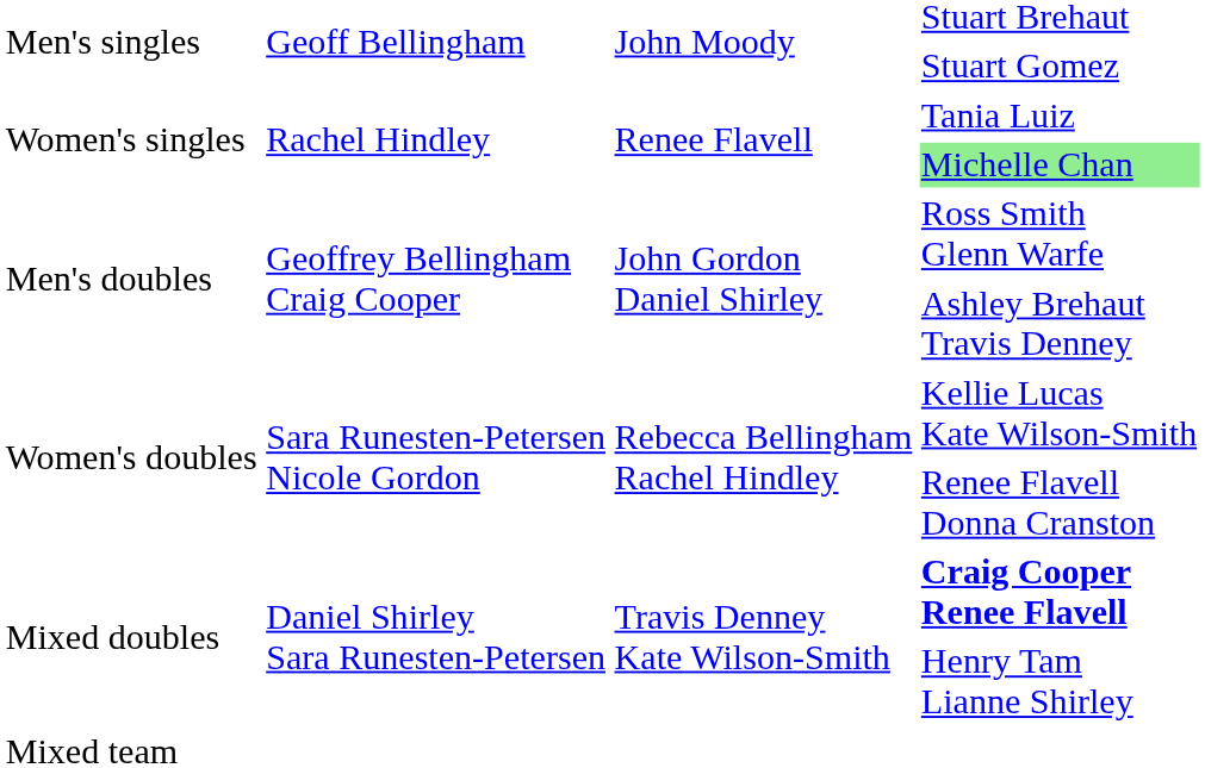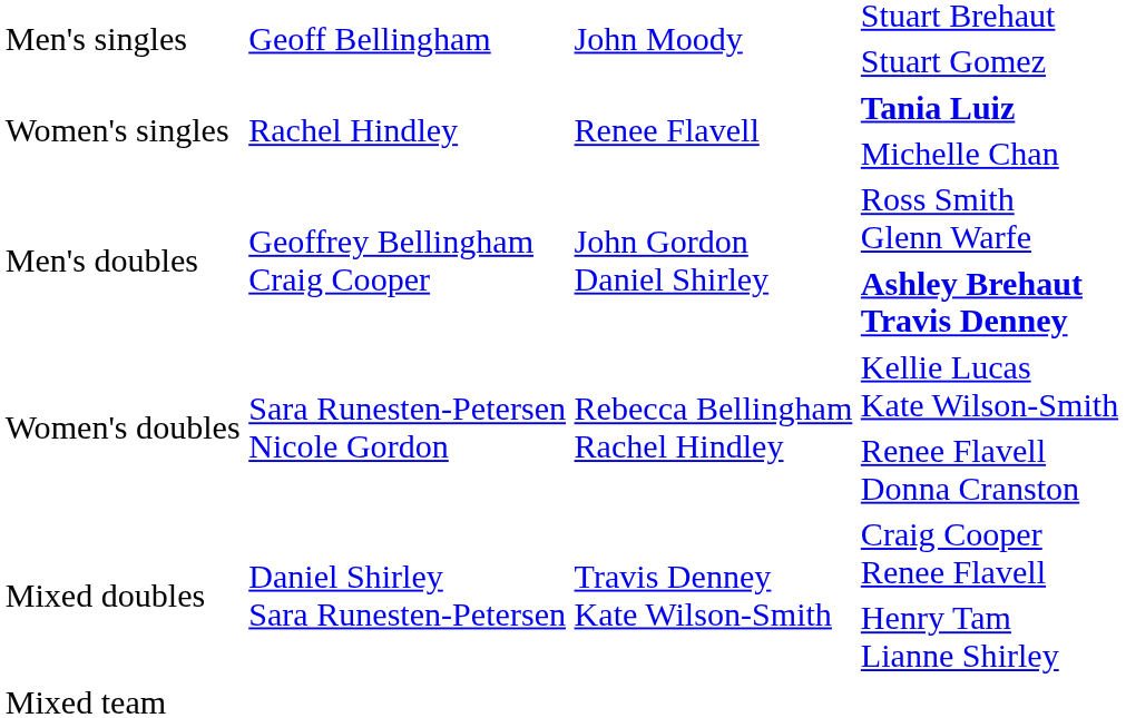 <table>
 <tr>
 <td rowspan="2">Men's singles</td>
 <td rowspan="2"> <a href='#'>Geoff Bellingham</a></td>
 <td rowspan="2"> <a href='#'>John Moody</a></td>
 <td> <a href='#'>Stuart Brehaut</a></td>
 </tr>
 <tr>
 <td> <a href='#'>Stuart Gomez</a></td>
 </tr>
 <tr>
 <td rowspan="2">Women's singles</td>
 <td rowspan="2"> <a href='#'>Rachel Hindley</a></td>
 <td rowspan="2"> <a href='#'>Renee Flavell</a></td>
-<td> <a href='#'>Tania Luiz</a></td>
+<td><strong> <a href='#'>Tania Luiz</a></strong></td>
 </tr>
 <tr>
-<td style="background: lightgreen;"> <a href='#'>Michelle Chan</a></td>
+<td> <a href='#'>Michelle Chan</a></td>
 </tr>
 <tr>
 <td rowspan="2">Men's doubles</td>
 <td rowspan="2"> <a href='#'>Geoffrey Bellingham</a><br>  <a href='#'>Craig Cooper</a></td>
 <td rowspan="2"> <a href='#'>John Gordon</a><br>  <a href='#'>Daniel Shirley</a></td>
 <td> <a href='#'>Ross Smith</a><br>  <a href='#'>Glenn Warfe</a></td>
 </tr>
 <tr>
-<td> <a href='#'>Ashley Brehaut</a><br>  <a href='#'>Travis Denney</a></td>
+<td><strong> <a href='#'>Ashley Brehaut</a><br>  <a href='#'>Travis Denney</a></strong></td>
 </tr>
 <tr>
 <td rowspan="2">Women's doubles</td>
 <td rowspan="2"> <a href='#'>Sara Runesten-Petersen</a><br>  <a href='#'>Nicole Gordon</a></td>
 <td rowspan="2"> <a href='#'>Rebecca Bellingham</a><br>  <a href='#'>Rachel Hindley</a></td>
 <td> <a href='#'>Kellie Lucas</a><br>  <a href='#'>Kate Wilson-Smith</a></td>
 </tr>
 <tr>
 <td> <a href='#'>Renee Flavell</a><br>  <a href='#'>Donna Cranston</a></td>
 </tr>
 <tr>
 <td rowspan="2">Mixed doubles</td>
 <td rowspan="2"> <a href='#'>Daniel Shirley</a><br>  <a href='#'>Sara Runesten-Petersen</a></td>
 <td rowspan="2"> <a href='#'>Travis Denney</a><br>  <a href='#'>Kate Wilson-Smith</a></td>
-<td><strong> <a href='#'>Craig Cooper</a><br>  <a href='#'>Renee Flavell</a></strong></td>
+<td> <a href='#'>Craig Cooper</a><br>  <a href='#'>Renee Flavell</a></td>
 </tr>
 <tr>
 <td> <a href='#'>Henry Tam</a><br>  <a href='#'>Lianne Shirley</a></td>
 </tr>
 <tr>
 <td>Mixed team</td>
 <td></td>
 <td></td>
 <td></td>
 </tr>
 </table>
